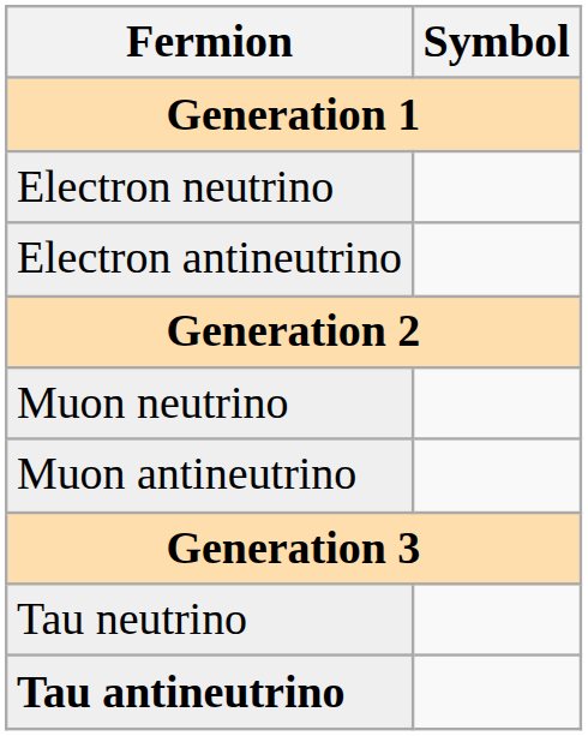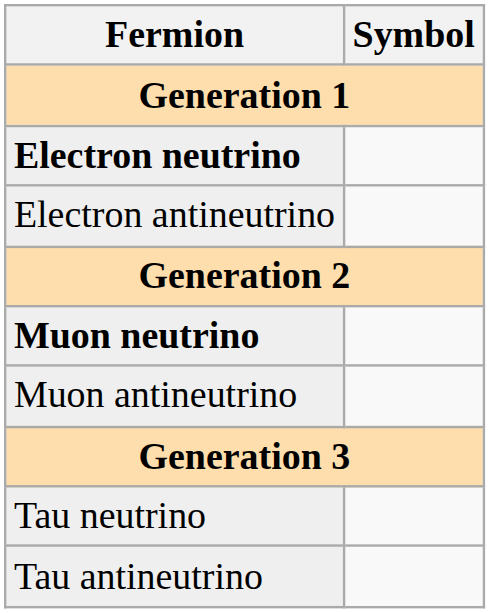 <table class="wikitable floatright">
 <tr>
 <th>Fermion</th>
 <th>Symbol</th>
 </tr>
 <tr>
 <th colspan="2" style="background:#ffdead;">Generation 1</th>
 </tr>
 <tr>
-<td style="background:#efefef;">Electron neutrino</td>
+<td style="background:#efefef;"><strong>Electron neutrino</strong></td>
 <td style="text-align:center;"></td>
 </tr>
 <tr>
 <td style="background:#efefef;">Electron antineutrino</td>
 <td style="text-align:center;"></td>
 </tr>
 <tr>
 <th colspan="3" style="background:#ffdead;">Generation 2</th>
 </tr>
 <tr>
-<td style="background:#efefef;">Muon neutrino</td>
+<td style="background:#efefef;"><strong>Muon neutrino</strong></td>
 <td style="text-align:center;"></td>
 </tr>
 <tr>
 <td style="background:#efefef;">Muon antineutrino</td>
 <td style="text-align:center;"></td>
 </tr>
 <tr>
 <th colspan="3" style="background:#ffdead;">Generation 3</th>
 </tr>
 <tr>
 <td style="background:#efefef;">Tau neutrino</td>
 <td style="text-align:center;"></td>
 </tr>
 <tr>
-<td style="background:#efefef;"><strong>Tau antineutrino</strong></td>
+<td style="background:#efefef;">Tau antineutrino</td>
 <td style="text-align:center;"></td>
 </tr>
 </table>
